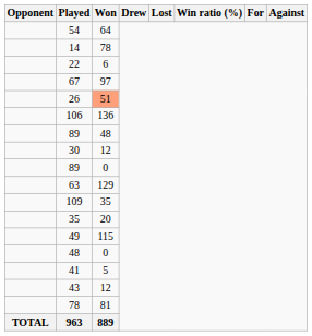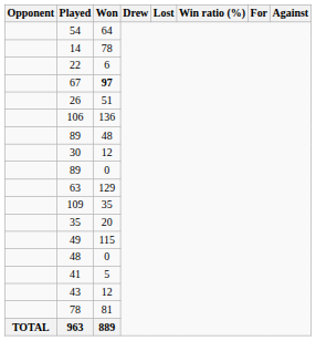 <table class="wikitable sortable">
 <tr>
 <th>Opponent</th>
 <th>Played</th>
 <th>Won</th>
 <th>Drew</th>
 <th>Lost</th>
 <th>Win ratio (%)</th>
 <th>For</th>
 <th>Against</th>
 </tr>
 <tr align=center>
 <td align=left><br></td>
 <td>54</td>
 <td>64</td>
 </tr>
 <tr align=center>
 <td align=left><br></td>
 <td>14</td>
 <td>78</td>
 </tr>
 <tr align=center>
 <td align=left><br></td>
 <td>22</td>
 <td>6</td>
 </tr>
 <tr align=center>
 <td align=left><br></td>
 <td>67</td>
-<td>97</td>
+<td><strong>97</strong></td>
 </tr>
 <tr align=center>
 <td align=left><br></td>
 <td>26</td>
-<td style="background: lightsalmon;">51</td>
+<td>51</td>
 </tr>
 <tr align=center>
 <td align=left><br></td>
 <td>106</td>
 <td>136</td>
 </tr>
 <tr align=center>
 <td align=left><br></td>
 <td>89</td>
 <td>48</td>
 </tr>
 <tr align=center>
 <td align=left><br></td>
 <td>30</td>
 <td>12</td>
 </tr>
 <tr align=center>
 <td align=left><br></td>
 <td>89</td>
 <td>0</td>
 </tr>
 <tr align=center>
 <td align=left><br></td>
 <td>63</td>
 <td>129</td>
 </tr>
 <tr align=center>
 <td align=left><br></td>
 <td>109</td>
 <td>35</td>
 </tr>
 <tr align=center>
 <td align=left><br></td>
 <td>35</td>
 <td>20</td>
 </tr>
 <tr align=center>
 <td align=left><br></td>
 <td>49</td>
 <td>115</td>
 </tr>
 <tr align=center>
 <td align=left><br></td>
 <td>48</td>
 <td>0</td>
 </tr>
 <tr align=center>
 <td align=left><br></td>
 <td>41</td>
 <td>5</td>
 </tr>
 <tr align=center>
 <td align=left><br></td>
 <td>43</td>
 <td>12</td>
 </tr>
 <tr align=center>
 <td align=left><br></td>
 <td>78</td>
 <td>81</td>
 </tr>
 <tr>
 <th>TOTAL<br></th>
 <th>963</th>
 <th>889</th>
 </tr>
 </table>
